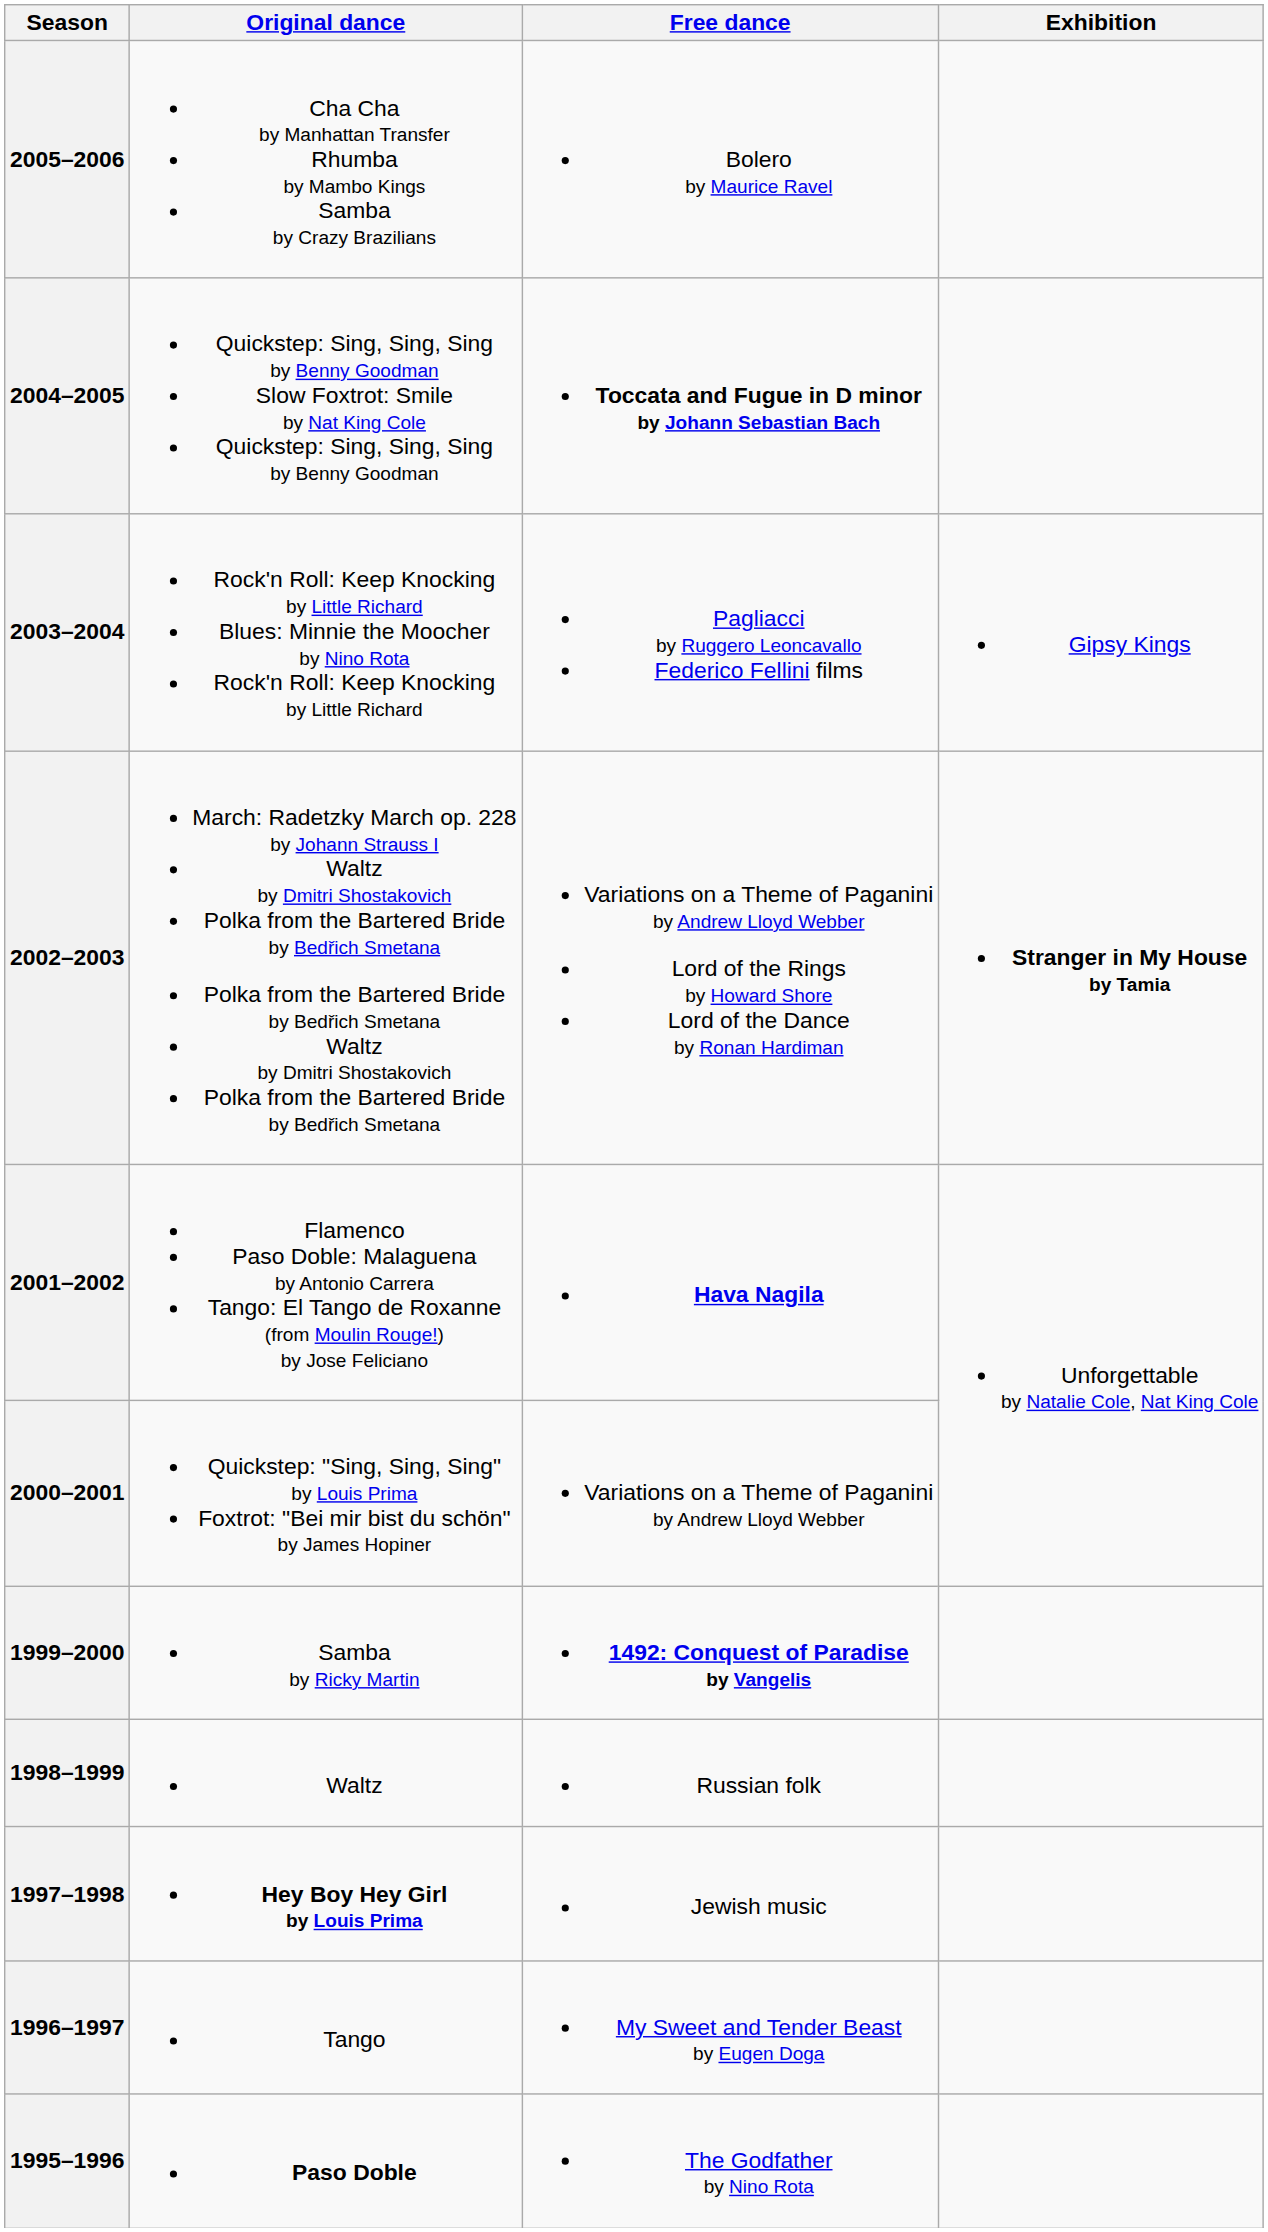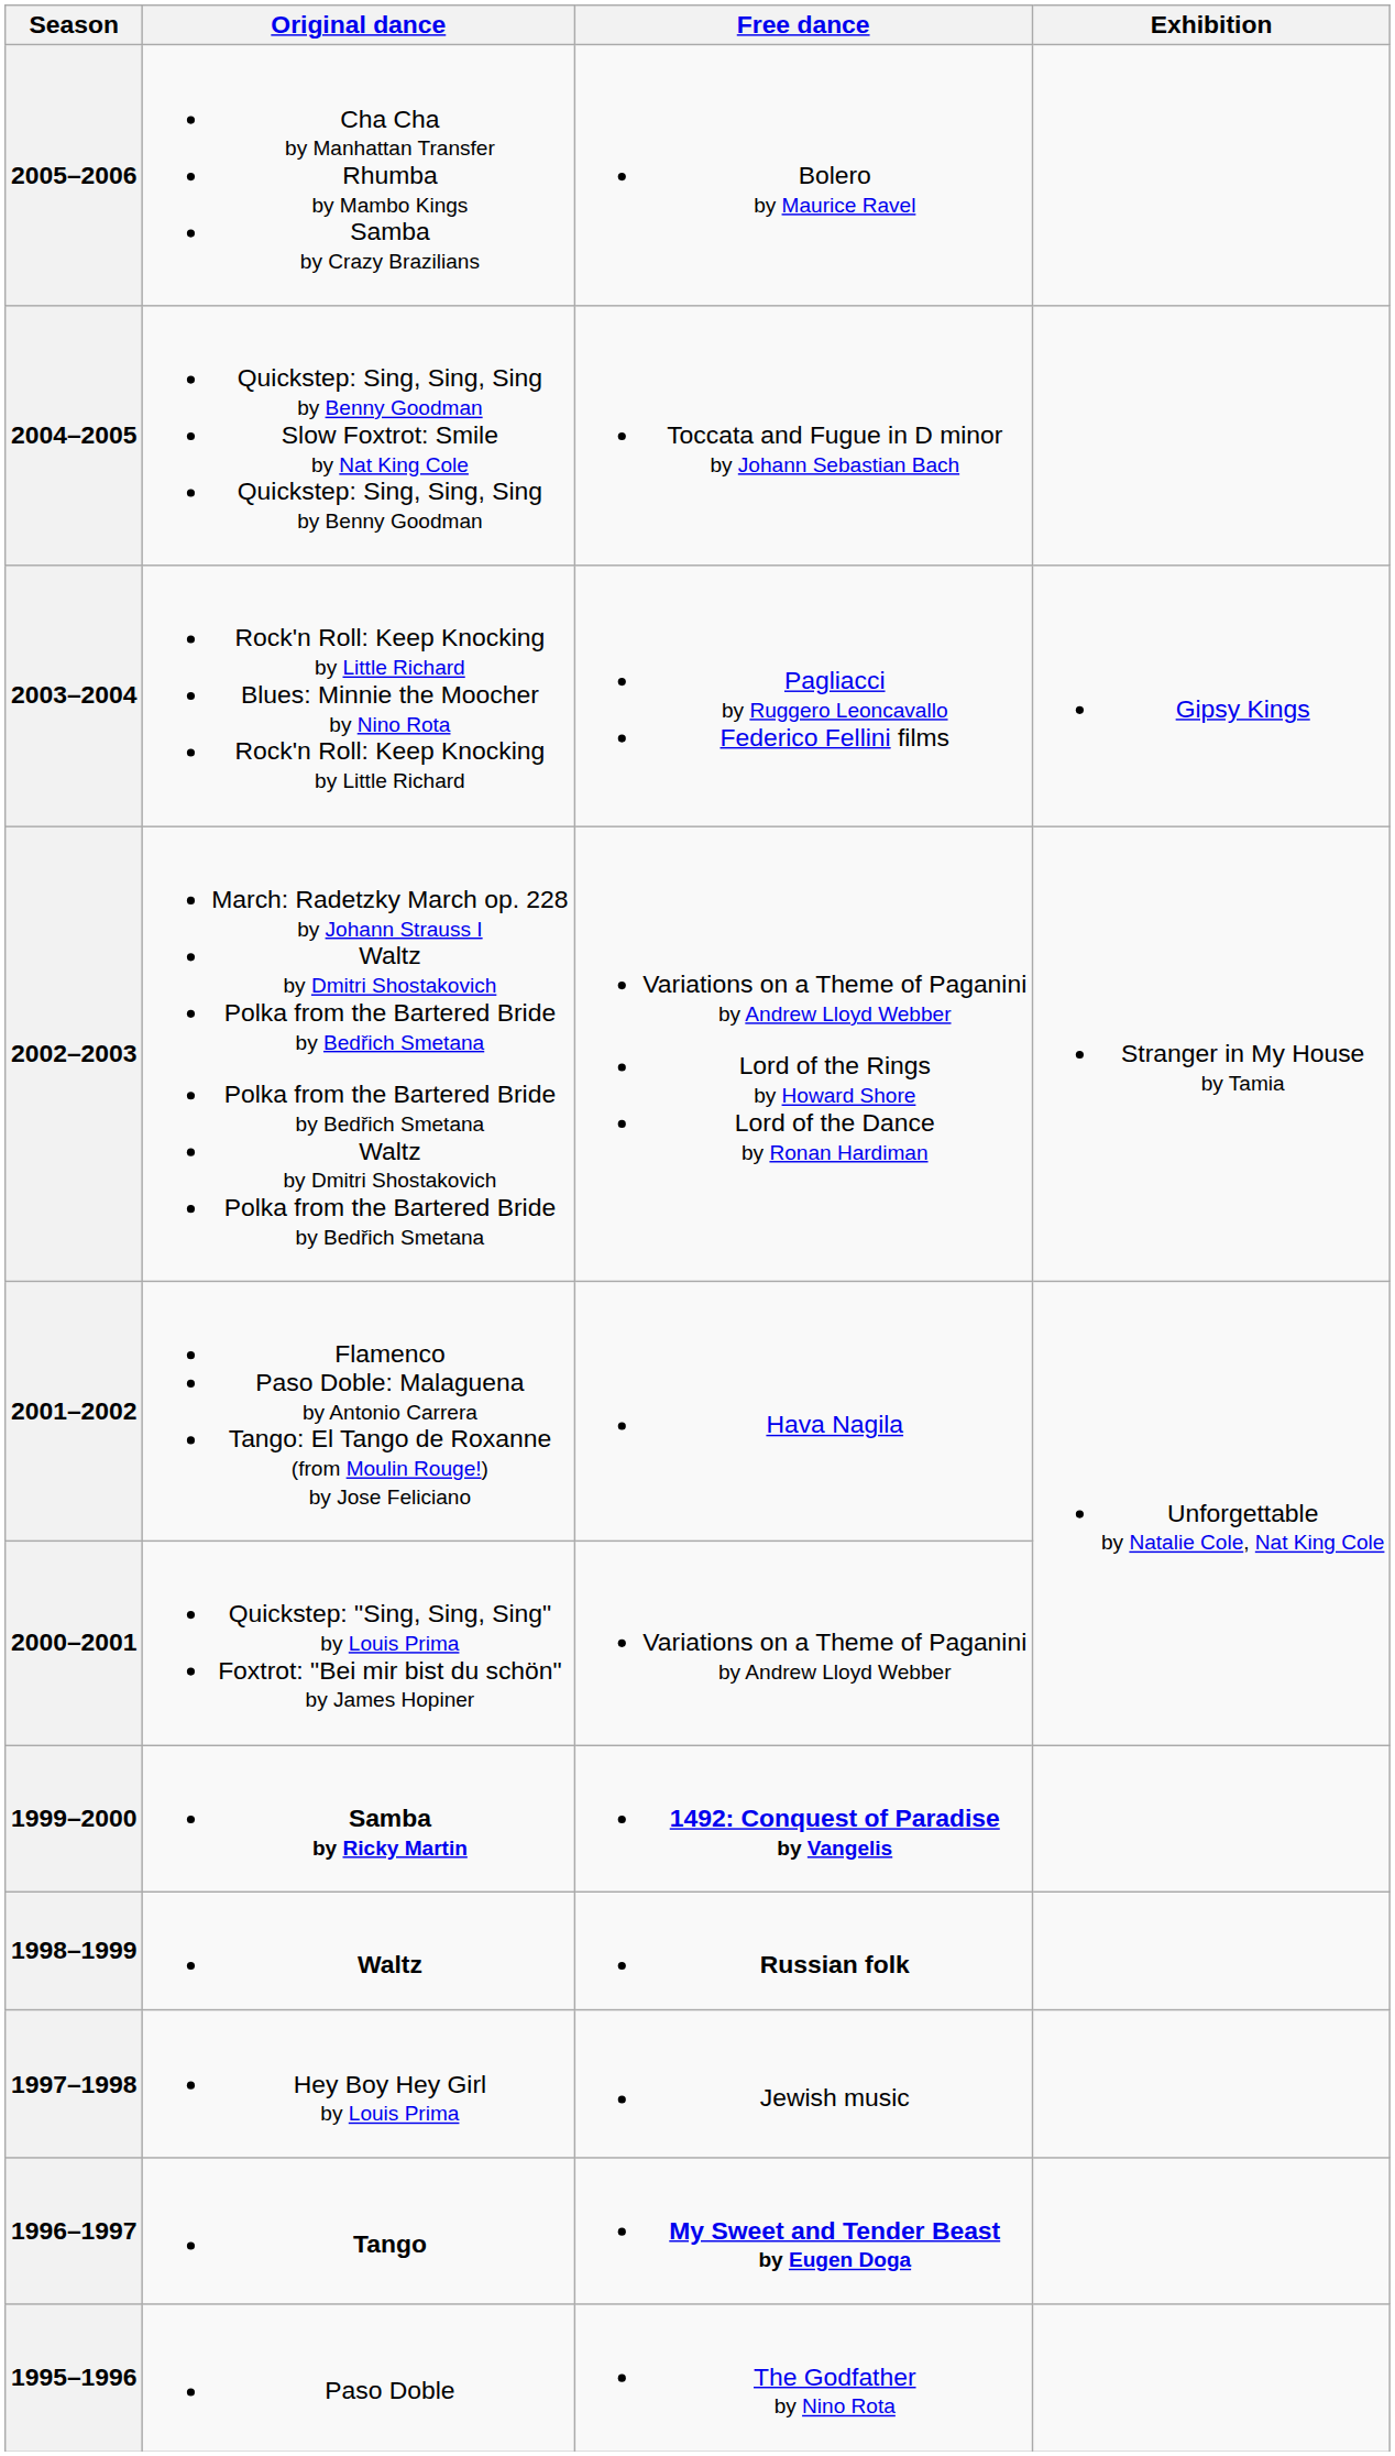 <table class=wikitable style=text-align:center>
 <tr>
 <th>Season</th>
 <th><a href='#'>Original dance</a></th>
 <th><a href='#'>Free dance</a></th>
 <th>Exhibition</th>
 </tr>
 <tr>
 <th>2005–2006 <br> </th>
 <td><br><ul><li>Cha Cha <br><small> by Manhattan Transfer </small></li><li>Rhumba <br><small> by Mambo Kings </small></li><li>Samba <br><small> by Crazy Brazilians </small></li></ul></td>
 <td><br><ul><li>Bolero <br><small> by <a href='#'>Maurice Ravel</a> </small></li></ul></td>
 <td></td>
 </tr>
 <tr>
 <th>2004–2005 <br> </th>
 <td><br><ul><li>Quickstep: Sing, Sing, Sing <br><small> by <a href='#'>Benny Goodman</a> </small></li><li>Slow Foxtrot: Smile <br><small> by <a href='#'>Nat King Cole</a> </small></li><li>Quickstep: Sing, Sing, Sing <br><small> by Benny Goodman </small></li></ul></td>
-<td><strong><br><ul><li>Toccata and Fugue in D minor <br><small> by <a href='#'>Johann Sebastian Bach</a> </small></li></ul></strong></td>
+<td><br><ul><li>Toccata and Fugue in D minor <br><small> by <a href='#'>Johann Sebastian Bach</a> </small></li></ul></td>
 <td></td>
 </tr>
 <tr>
 <th>2003–2004 <br> </th>
 <td><br><ul><li>Rock'n Roll: Keep Knocking <br><small> by <a href='#'>Little Richard</a> </small></li><li>Blues: Minnie the Moocher <br><small> by <a href='#'>Nino Rota</a> </small></li><li>Rock'n Roll: Keep Knocking <br><small> by Little Richard </small></li></ul></td>
 <td><br><ul><li><a href='#'>Pagliacci</a> <br><small> by <a href='#'>Ruggero Leoncavallo</a> </small></li><li><a href='#'>Federico Fellini</a> films</li></ul></td>
 <td><br><ul><li><a href='#'>Gipsy Kings</a></li></ul></td>
 </tr>
 <tr>
 <th>2002–2003 <br> </th>
 <td><br><ul><li>March: Radetzky March op. 228 <br><small> by <a href='#'>Johann Strauss I</a> </small></li><li>Waltz <br><small> by <a href='#'>Dmitri Shostakovich</a> </small></li><li>Polka from the Bartered Bride <br><small> by <a href='#'>Bedřich Smetana</a> </small></li></ul><ul><li>Polka from the Bartered Bride <br><small> by Bedřich Smetana </small></li><li>Waltz <br><small> by Dmitri Shostakovich </small></li><li>Polka from the Bartered Bride <br><small> by Bedřich Smetana </small></li></ul></td>
 <td><br><ul><li>Variations on a Theme of Paganini <br><small> by <a href='#'>Andrew Lloyd Webber</a> </small></li></ul><ul><li>Lord of the Rings <br><small> by <a href='#'>Howard Shore</a> </small></li><li>Lord of the Dance <br><small> by <a href='#'>Ronan Hardiman</a> </small></li></ul></td>
-<td><strong><br><ul><li>Stranger in My House <br><small> by Tamia </small></li></ul></strong></td>
+<td><br><ul><li>Stranger in My House <br><small> by Tamia </small></li></ul></td>
 </tr>
 <tr>
 <th>2001–2002 <br> </th>
 <td><br><ul><li>Flamenco</li><li>Paso Doble: Malaguena <br><small> by Antonio Carrera </small></li><li>Tango: El Tango de Roxanne <br><small> (from <a href='#'>Moulin Rouge!</a>) <br> by Jose Feliciano </small></li></ul></td>
-<td><strong><br><ul><li><a href='#'>Hava Nagila</a></li></ul></strong></td>
+<td><br><ul><li><a href='#'>Hava Nagila</a></li></ul></td>
 <td rowspan=2><br><ul><li>Unforgettable <br><small> by <a href='#'>Natalie Cole</a>, <a href='#'>Nat King Cole</a> </small></li></ul></td>
 </tr>
 <tr>
 <th>2000–2001 <br> </th>
 <td><br><ul><li>Quickstep: "Sing, Sing, Sing" <br><small> by <a href='#'>Louis Prima</a> </small></li><li>Foxtrot: "Bei mir bist du schön" <br><small> by James Hopiner </small></li></ul></td>
 <td><br><ul><li>Variations on a Theme of Paganini <br><small> by Andrew Lloyd Webber </small></li></ul></td>
 </tr>
 <tr>
 <th>1999–2000 <br> </th>
-<td><br><ul><li>Samba <br><small> by <a href='#'>Ricky Martin</a> </small></li></ul></td>
+<td><strong><br><ul><li>Samba <br><small> by <a href='#'>Ricky Martin</a> </small></li></ul></strong></td>
 <td><strong><br><ul><li><a href='#'>1492: Conquest of Paradise</a> <br><small> by <a href='#'>Vangelis</a> </small></li></ul></strong></td>
 <td></td>
 </tr>
 <tr>
 <th>1998–1999 <br> </th>
-<td><br><ul><li>Waltz</li></ul></td>
-<td><br><ul><li>Russian folk</li></ul></td>
+<td><strong><br><ul><li>Waltz</li></ul></strong></td>
+<td><strong><br><ul><li>Russian folk</li></ul></strong></td>
 <td></td>
 </tr>
 <tr>
 <th>1997–1998 <br> </th>
-<td><strong><br><ul><li>Hey Boy Hey Girl <br><small> by <a href='#'>Louis Prima</a> </small></li></ul></strong></td>
+<td><br><ul><li>Hey Boy Hey Girl <br><small> by <a href='#'>Louis Prima</a> </small></li></ul></td>
 <td><br><ul><li>Jewish music</li></ul></td>
 <td></td>
 </tr>
 <tr>
 <th>1996–1997 <br> </th>
-<td><br><ul><li>Tango</li></ul></td>
-<td><br><ul><li><a href='#'>My Sweet and Tender Beast</a> <br><small> by <a href='#'>Eugen Doga</a> </small></li></ul></td>
+<td><strong><br><ul><li>Tango</li></ul></strong></td>
+<td><strong><br><ul><li><a href='#'>My Sweet and Tender Beast</a> <br><small> by <a href='#'>Eugen Doga</a> </small></li></ul></strong></td>
 <td></td>
 </tr>
 <tr>
 <th>1995–1996 <br> </th>
-<td><strong><br><ul><li>Paso Doble</li></ul></strong></td>
+<td><br><ul><li>Paso Doble</li></ul></td>
 <td><br><ul><li><a href='#'>The Godfather</a> <br><small> by <a href='#'>Nino Rota</a> </small></li></ul></td>
 <td></td>
 </tr>
 </table>
